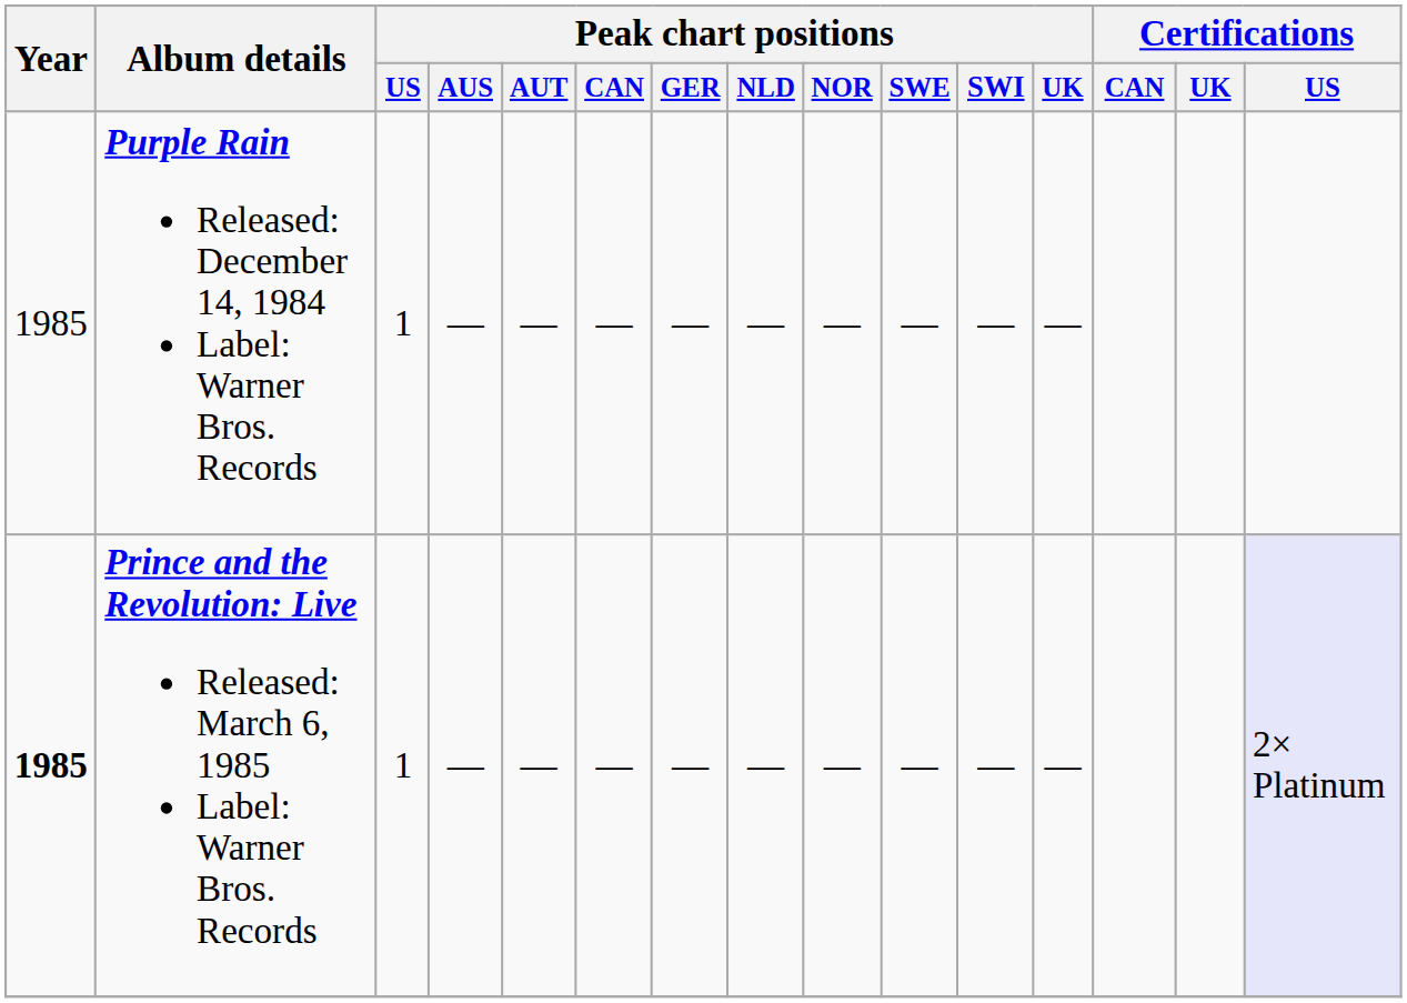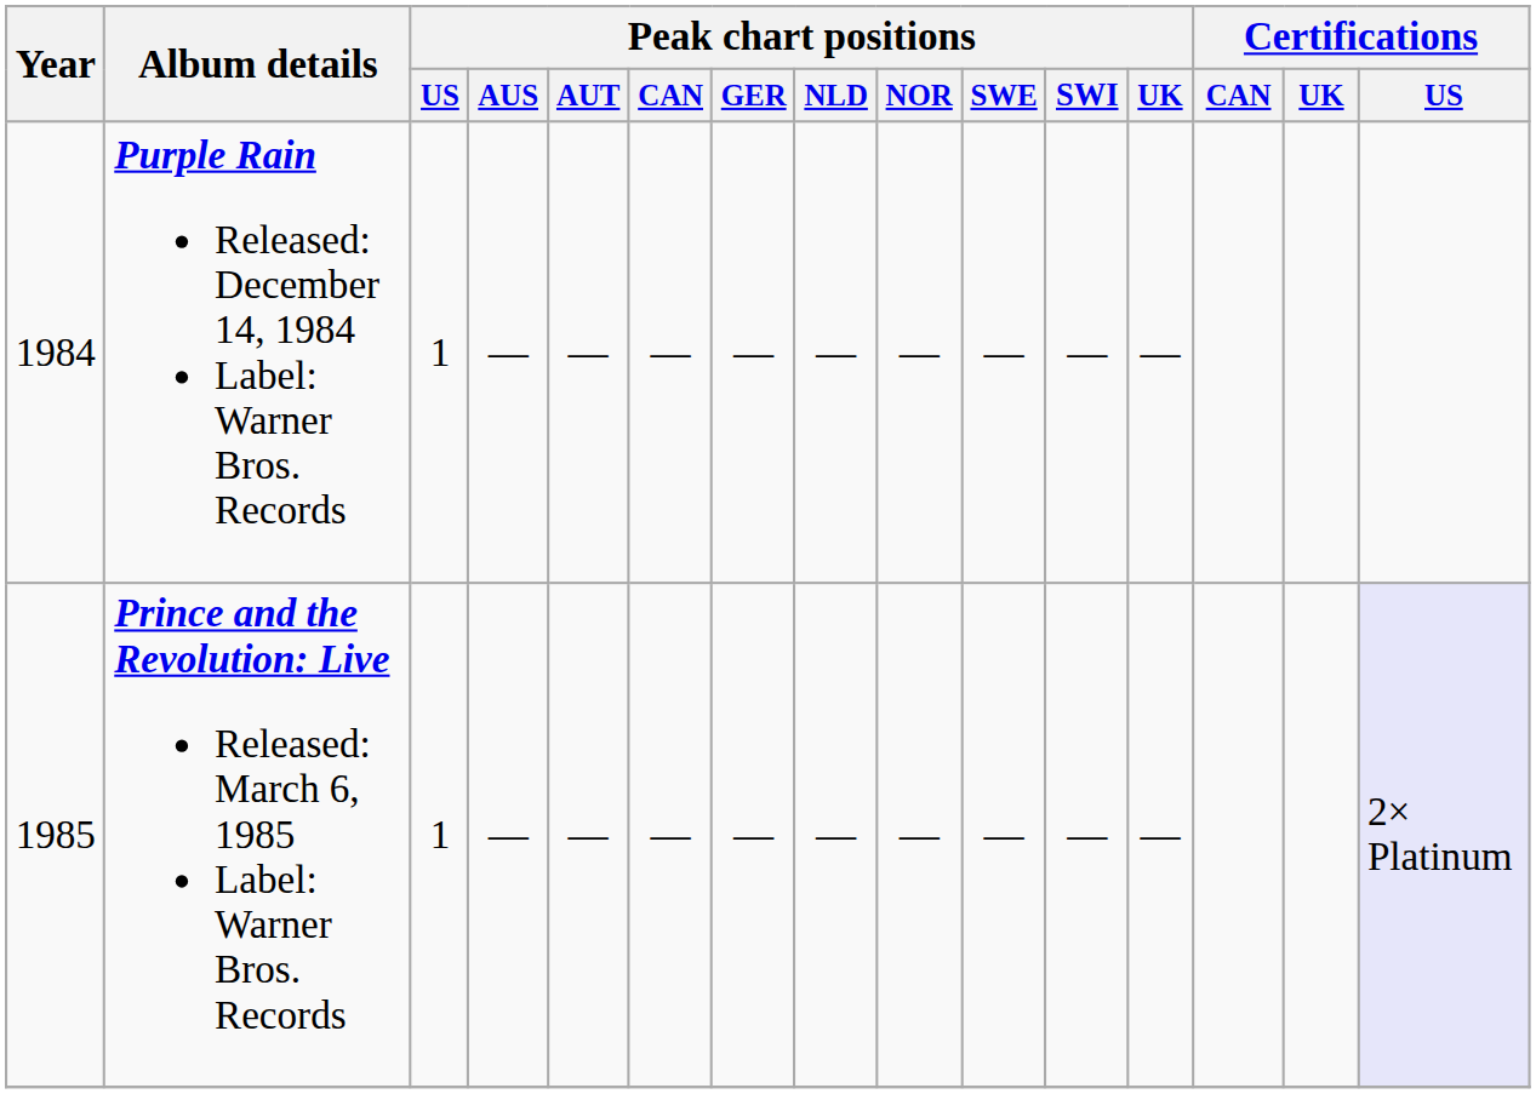 <table class="wikitable">
 <tr>
 <th rowspan="2" width="33">Year</th>
 <th rowspan="2" width="250">Album details</th>
 <th colspan="10">Peak chart positions</th>
 <th colspan="3"><a href='#'>Certifications</a></th>
 </tr>
 <tr>
 <th style="width:4em;font-size:75%"><a href='#'>US</a><br></th>
 <th style="width:4em;font-size:75%"><a href='#'>AUS</a><br></th>
 <th style="width:4em;font-size:75%"><a href='#'>AUT</a><br></th>
 <th style="width:4em;font-size:75%"><a href='#'>CAN</a><br></th>
 <th style="width:4em;font-size:75%"><a href='#'>GER</a><br></th>
 <th style="width:4em;font-size:75%"><a href='#'>NLD</a><br></th>
 <th style="width:4em;font-size:75%"><a href='#'>NOR</a><br></th>
 <th style="width:4em;font-size:75%"><a href='#'>SWE</a><br></th>
 <th style="width:4em;font-size:80%"><a href='#'>SWI</a><br></th>
 <th style="width:4em;font-size:75%"><a href='#'>UK</a><br></th>
 <th style="width:9em;font-size:75%"><a href='#'>CAN</a><br></th>
 <th style="width:9em;font-size:75%"><a href='#'>UK</a><br></th>
 <th style="width:9em;font-size:75%"><a href='#'>US</a><br></th>
 </tr>
 <tr>
-<td>1985</td>
+<td>1984</td>
 <td align="left"><strong><em><a href='#'>Purple Rain</a></em></strong><br><ul><li>Released: December 14, 1984</li><li>Label: Warner Bros. Records</li></ul></td>
 <td align="center">1<br></td>
 <td align="center">—</td>
 <td align="center">—</td>
 <td align="center">—</td>
 <td align="center">—</td>
 <td align="center">—</td>
 <td align="center">—</td>
 <td align="center">—</td>
 <td align="center">—</td>
 <td align="center">—</td>
 <td align="left"></td>
 <td align="left"></td>
 <td align="left"></td>
 </tr>
 <tr>
-<td><strong>1985</strong></td>
+<td>1985</td>
 <td align="left"><strong><em><a href='#'>Prince and the Revolution: Live</a></em></strong><br><ul><li>Released: March 6, 1985</li><li>Label: Warner Bros. Records</li></ul></td>
 <td align="center">1<br></td>
 <td align="center">—</td>
 <td align="center">—</td>
 <td align="center">—</td>
 <td align="center">—</td>
 <td align="center">—</td>
 <td align="center">—</td>
 <td align="center">—</td>
 <td align="center">—</td>
 <td align="center">—</td>
 <td align="left"></td>
 <td align="left"></td>
 <td align="left" style="background: lavender;">2× Platinum</td>
 </tr>
 <tr>
 </tr>
 </table>
